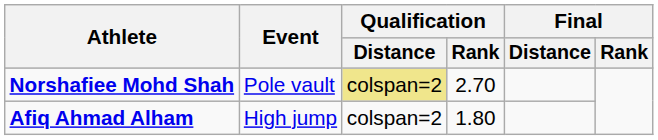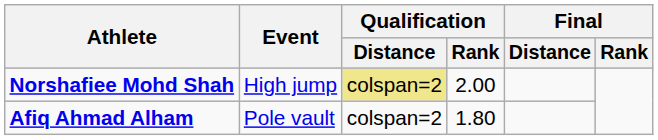 <table class=wikitable style="font-size:90%">
 <tr>
 <th rowspan=2>Athlete</th>
 <th rowspan=2>Event</th>
 <th colspan=2>Qualification</th>
 <th colspan=2>Final</th>
 </tr>
 <tr style="font-size:95%">
 <th>Distance</th>
 <th>Rank</th>
 <th>Distance</th>
 <th>Rank</th>
 </tr>
 <tr align=center>
 <td align=left><strong><a href='#'>Norshafiee Mohd Shah</a></strong></td>
-<td align=left><a href='#'>Pole vault</a></td>
+<td align=left><a href='#'>High jump</a></td>
 <td style="background: khaki;">colspan=2 </td>
-<td>2.70</td>
+<td>2.00</td>
 <td></td>
 </tr>
 <tr align=center>
 <td align=left><strong><a href='#'>Afiq Ahmad Alham</a></strong></td>
-<td align=left><a href='#'>High jump</a></td>
+<td align=left><a href='#'>Pole vault</a></td>
 <td>colspan=2 </td>
 <td>1.80</td>
 <td></td>
 </tr>
 </table>
